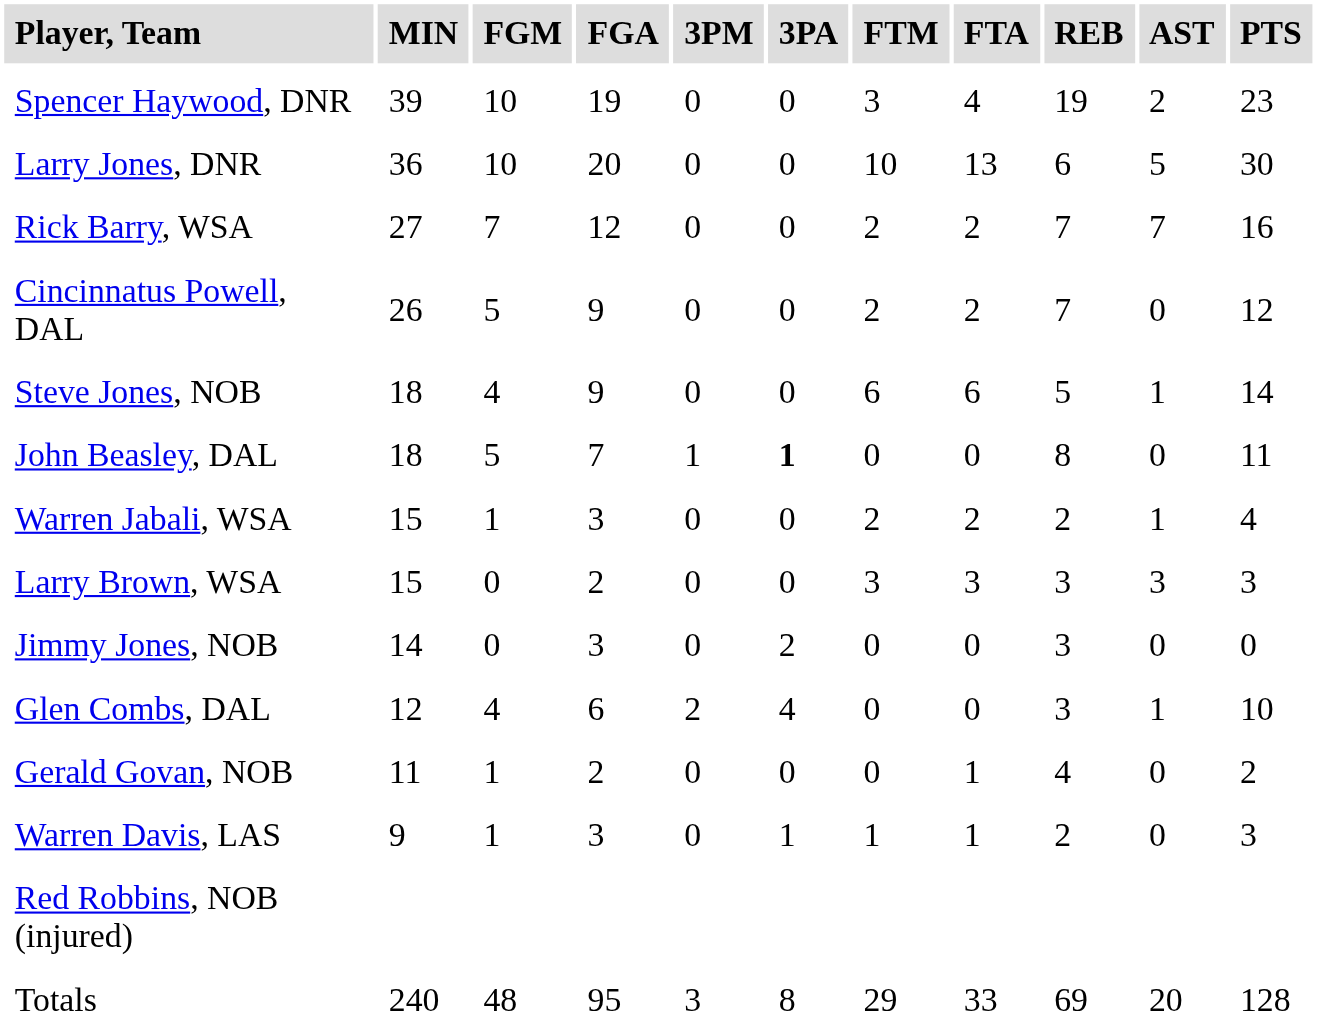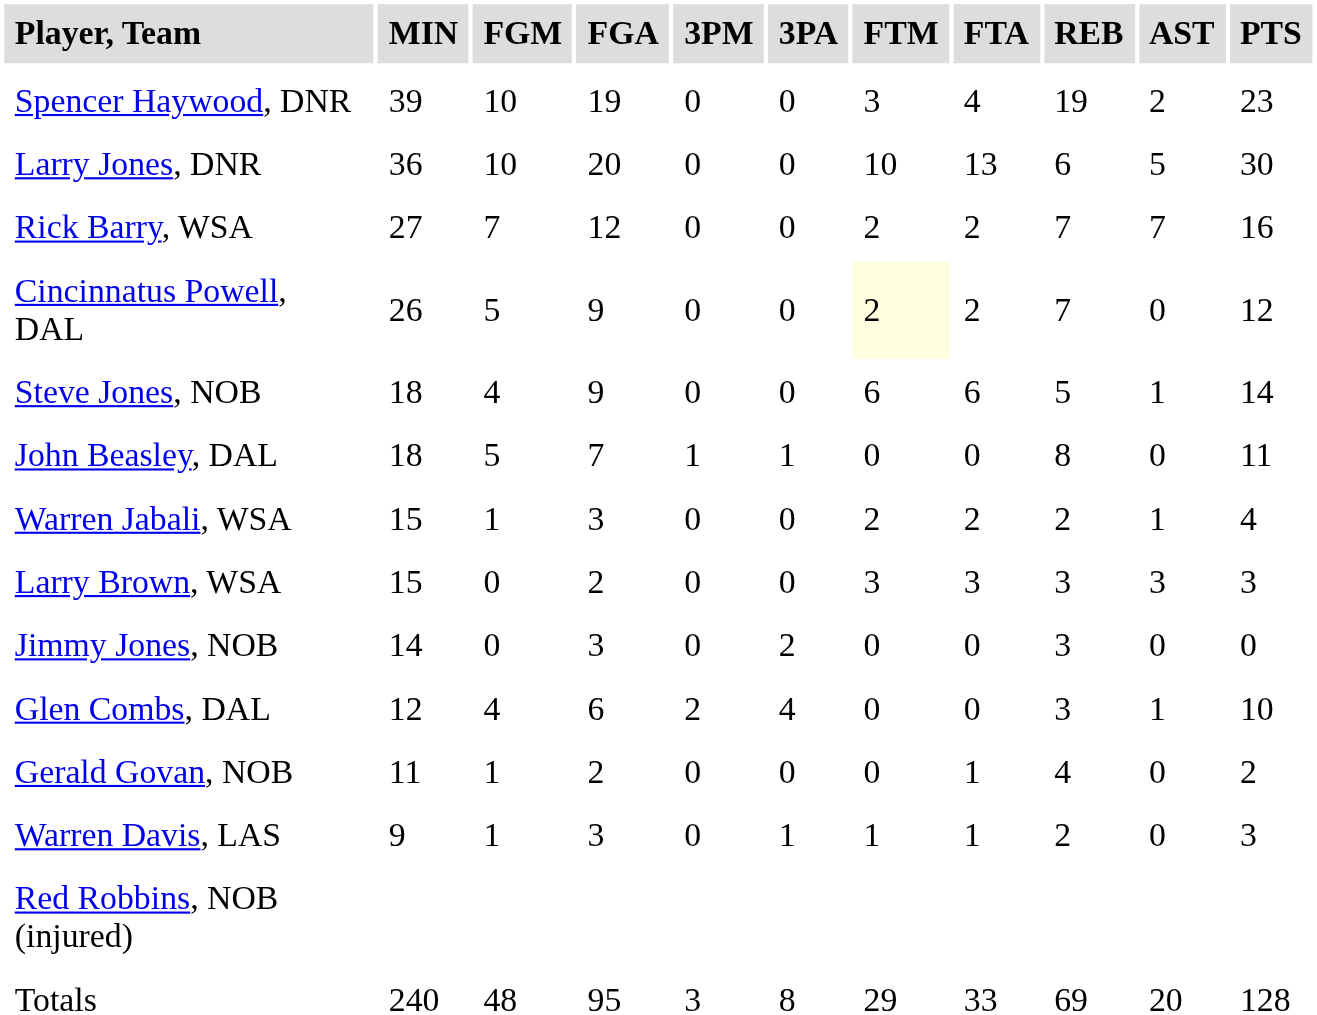 <table cellpadding=5>
 <tr bgcolor="#dddddd">
 <td><strong>Player, Team</strong></td>
 <td><strong>MIN</strong></td>
 <td><strong>FGM</strong></td>
 <td><strong>FGA</strong></td>
 <td><strong>3PM</strong></td>
 <td><strong>3PA</strong></td>
 <td><strong>FTM</strong></td>
 <td><strong>FTA</strong></td>
 <td><strong>REB</strong></td>
 <td><strong>AST</strong></td>
 <td><strong>PTS</strong></td>
 </tr>
 <tr bgcolor="#eeeeee">
 </tr>
 <tr>
 <td><a href='#'>Spencer Haywood</a>, DNR</td>
 <td>39</td>
 <td>10</td>
 <td>19</td>
 <td>0</td>
 <td>0</td>
 <td>3</td>
 <td>4</td>
 <td>19</td>
 <td>2</td>
 <td>23</td>
 </tr>
 <tr>
 <td><a href='#'>Larry Jones</a>, DNR</td>
 <td>36</td>
 <td>10</td>
 <td>20</td>
 <td>0</td>
 <td>0</td>
 <td>10</td>
 <td>13</td>
 <td>6</td>
 <td>5</td>
 <td>30</td>
 </tr>
 <tr>
 <td><a href='#'>Rick Barry</a>, WSA</td>
 <td>27</td>
 <td>7</td>
 <td>12</td>
 <td>0</td>
 <td>0</td>
 <td>2</td>
 <td>2</td>
 <td>7</td>
 <td>7</td>
 <td>16</td>
 </tr>
 <tr>
 <td><a href='#'>Cincinnatus Powell</a>, DAL</td>
 <td>26</td>
 <td>5</td>
 <td>9</td>
 <td>0</td>
 <td>0</td>
-<td>2</td>
+<td style="background: lightyellow;">2</td>
 <td>2</td>
 <td>7</td>
 <td>0</td>
 <td>12</td>
 </tr>
 <tr>
 <td><a href='#'>Steve Jones</a>, NOB</td>
 <td>18</td>
 <td>4</td>
 <td>9</td>
 <td>0</td>
 <td>0</td>
 <td>6</td>
 <td>6</td>
 <td>5</td>
 <td>1</td>
 <td>14</td>
 </tr>
 <tr>
 <td><a href='#'>John Beasley</a>, DAL</td>
 <td>18</td>
 <td>5</td>
 <td>7</td>
 <td>1</td>
-<td><strong>1</strong></td>
+<td>1</td>
 <td>0</td>
 <td>0</td>
 <td>8</td>
 <td>0</td>
 <td>11</td>
 </tr>
 <tr>
 <td><a href='#'>Warren Jabali</a>, WSA</td>
 <td>15</td>
 <td>1</td>
 <td>3</td>
 <td>0</td>
 <td>0</td>
 <td>2</td>
 <td>2</td>
 <td>2</td>
 <td>1</td>
 <td>4</td>
 </tr>
 <tr>
 <td><a href='#'>Larry Brown</a>, WSA</td>
 <td>15</td>
 <td>0</td>
 <td>2</td>
 <td>0</td>
 <td>0</td>
 <td>3</td>
 <td>3</td>
 <td>3</td>
 <td>3</td>
 <td>3</td>
 </tr>
 <tr>
 <td><a href='#'>Jimmy Jones</a>, NOB</td>
 <td>14</td>
 <td>0</td>
 <td>3</td>
 <td>0</td>
 <td>2</td>
 <td>0</td>
 <td>0</td>
 <td>3</td>
 <td>0</td>
 <td>0</td>
 </tr>
 <tr>
 <td><a href='#'>Glen Combs</a>, DAL</td>
 <td>12</td>
 <td>4</td>
 <td>6</td>
 <td>2</td>
 <td>4</td>
 <td>0</td>
 <td>0</td>
 <td>3</td>
 <td>1</td>
 <td>10</td>
 </tr>
 <tr>
 <td><a href='#'>Gerald Govan</a>, NOB</td>
 <td>11</td>
 <td>1</td>
 <td>2</td>
 <td>0</td>
 <td>0</td>
 <td>0</td>
 <td>1</td>
 <td>4</td>
 <td>0</td>
 <td>2</td>
 </tr>
 <tr>
 <td><a href='#'>Warren Davis</a>, LAS</td>
 <td>9</td>
 <td>1</td>
 <td>3</td>
 <td>0</td>
 <td>1</td>
 <td>1</td>
 <td>1</td>
 <td>2</td>
 <td>0</td>
 <td>3</td>
 </tr>
 <tr>
 <td><a href='#'>Red Robbins</a>, NOB (injured)</td>
 </tr>
 <tr>
 <td>Totals</td>
 <td>240</td>
 <td>48</td>
 <td>95</td>
 <td>3</td>
 <td>8</td>
 <td>29</td>
 <td>33</td>
 <td>69</td>
 <td>20</td>
 <td>128</td>
 </tr>
 <tr>
 </tr>
 </table>
